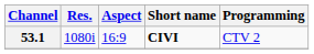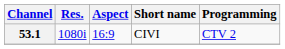 <table class="wikitable">
 <tr>
 <th scope = "col"><a href='#'>Channel</a></th>
 <th scope = "col"><a href='#'>Res.</a></th>
 <th scope = "col"><a href='#'>Aspect</a></th>
 <th scope = "col">Short name</th>
 <th scope = "col">Programming</th>
 </tr>
 <tr>
 <th scope = "row">53.1</th>
 <td><a href='#'>1080i</a></td>
 <td><a href='#'>16:9</a></td>
-<td><strong>CIVI</strong></td>
+<td>CIVI</td>
 <td><a href='#'>CTV 2</a></td>
 </tr>
 <tr>
 </tr>
 </table>
